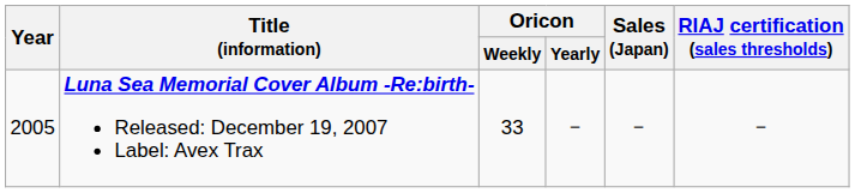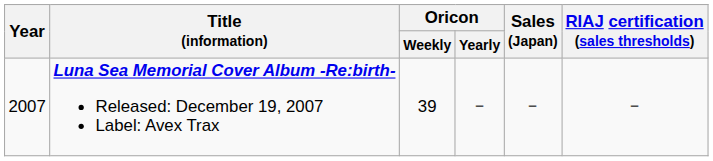 <table class="wikitable">
 <tr>
 <th rowspan="2">Year</th>
 <th rowspan="2">Title<br><small>(information)</small><br></th>
 <th colspan="2">Oricon<br></th>
 <th rowspan="2">Sales<br><small>(Japan)</small><br></th>
 <th rowspan="2"><a href='#'>RIAJ</a> <a href='#'>certification</a><br><small>(<a href='#'>sales thresholds</a>)</small></th>
 </tr>
 <tr>
 <th style="width:30px;"><small>Weekly</small></th>
 <th style="width:30px;"><small>Yearly</small></th>
 </tr>
 <tr>
-<td>2005</td>
+<td>2007</td>
 <td><strong><em><a href='#'>Luna Sea Memorial Cover Album -Re:birth-</a></em></strong><br><ul><li>Released: December 19, 2007</li><li>Label: Avex Trax</li></ul></td>
-<td style="text-align:center;">33</td>
+<td style="text-align:center;">39</td>
 <td style="text-align:center;">－</td>
 <td style="text-align:center;">－</td>
 <td style="text-align:center;">－</td>
 </tr>
 </table>
